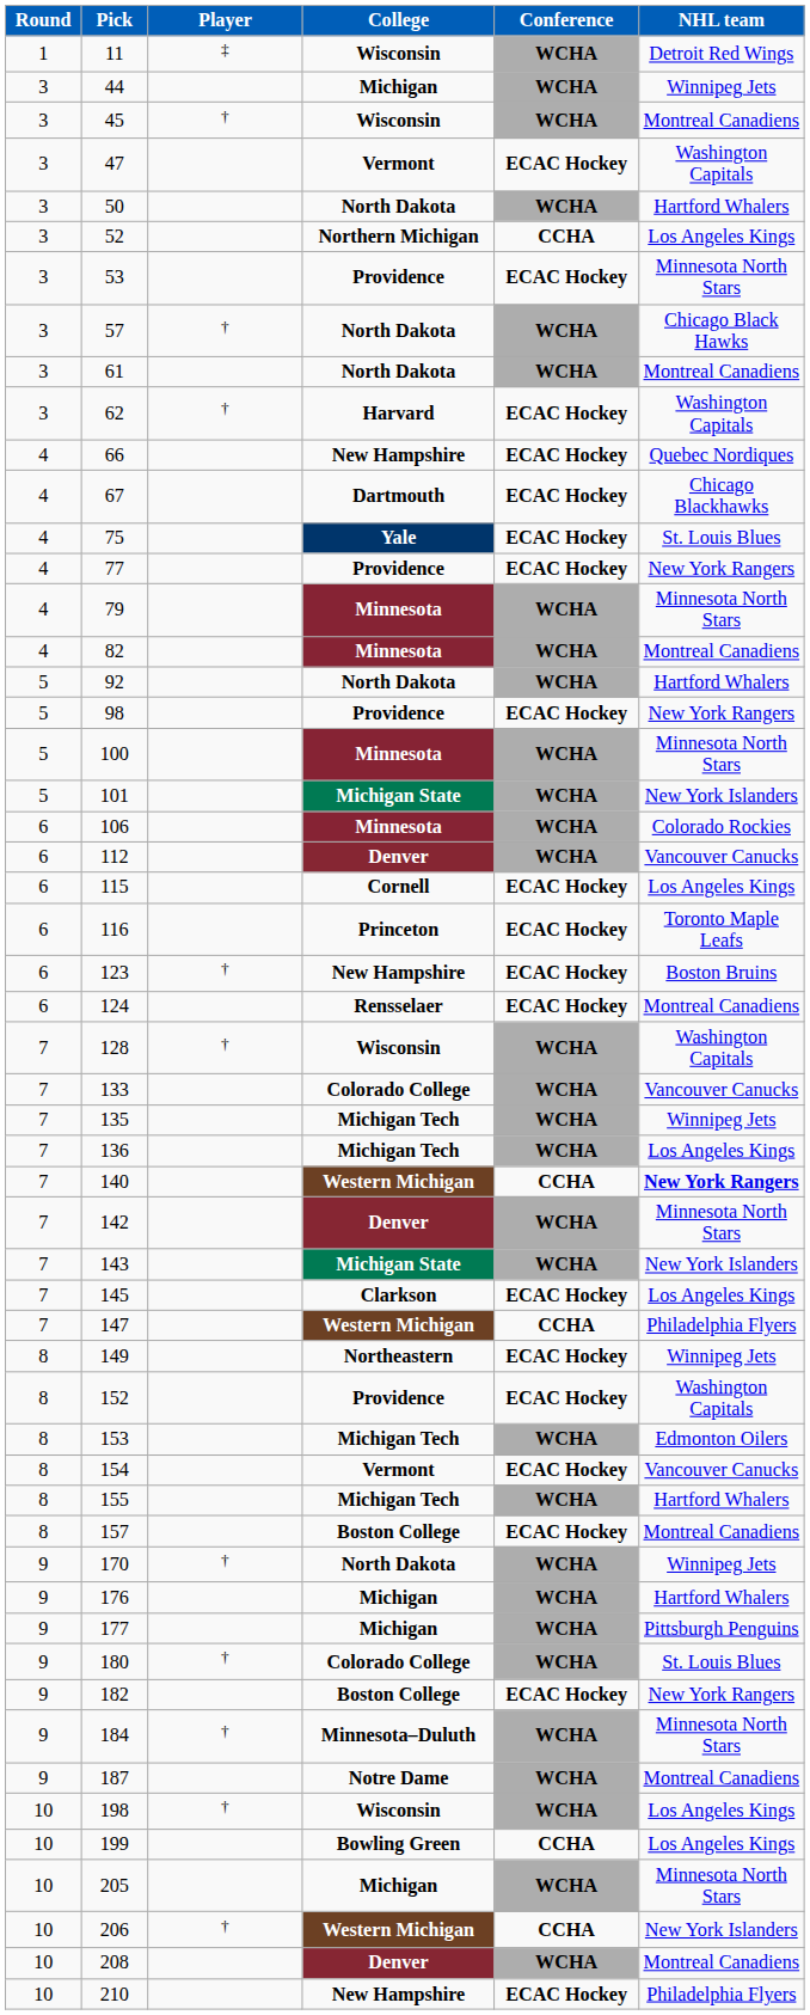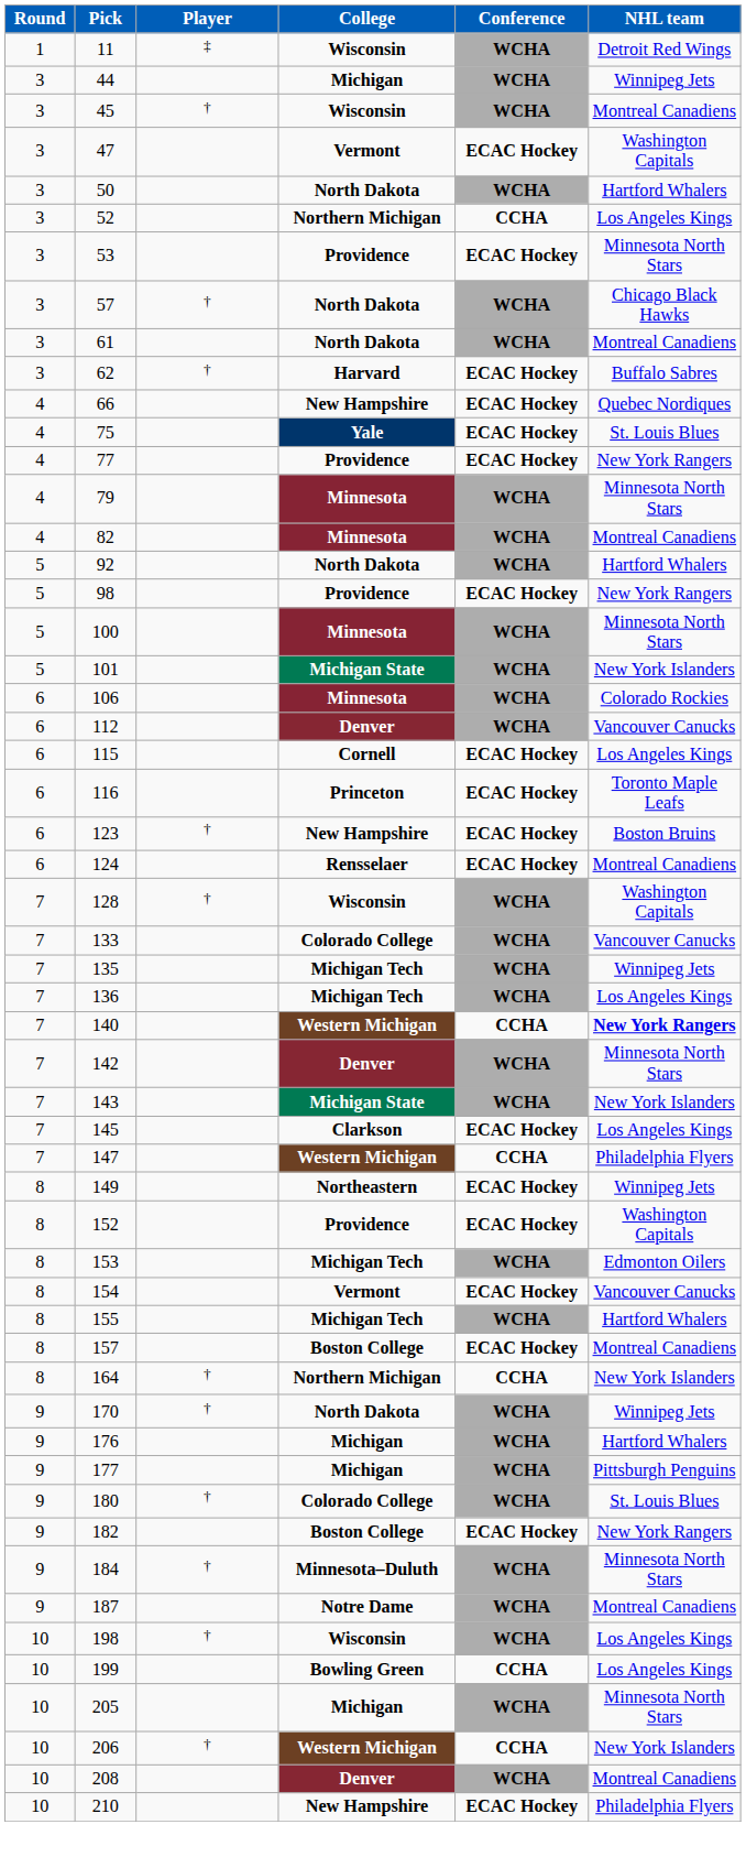 <table class="wikitable sortable" width="75%">
 <tr>
 <th style="color:white; background-color:#005EB8; width: 4em;">Round</th>
 <th style="color:white; background-color:#005EB8; width: 4em;">Pick</th>
 <th style="color:white; background-color:#005EB8; width: 12em;">Player</th>
 <th style="color:white; background-color:#005EB8; width: 13em;">College</th>
 <th style="color:white; background-color:#005EB8; width: 9em;">Conference</th>
 <th style="color:white; background-color:#005EB8; width: 11em;">NHL team</th>
 </tr>
 <tr align="center" bgcolor="">
 <td>1</td>
 <td>11</td>
 <td> <sup>‡</sup></td>
 <td><strong>Wisconsin</strong></td>
 <td style="color:black; background:#ADADAD; "><strong>WCHA</strong></td>
 <td><a href='#'>Detroit Red Wings</a></td>
 </tr>
 <tr align="center" bgcolor="">
 <td>3</td>
 <td>44</td>
 <td></td>
 <td><strong>Michigan</strong></td>
 <td style="color:black; background:#ADADAD; "><strong>WCHA</strong></td>
 <td><a href='#'>Winnipeg Jets</a></td>
 </tr>
 <tr align="center" bgcolor="">
 <td>3</td>
 <td>45</td>
 <td> <sup>†</sup></td>
 <td><strong>Wisconsin</strong></td>
 <td style="color:black; background:#ADADAD; "><strong>WCHA</strong></td>
 <td><a href='#'>Montreal Canadiens</a></td>
 </tr>
 <tr align="center" bgcolor="">
 <td>3</td>
 <td>47</td>
 <td></td>
 <td><strong>Vermont</strong></td>
 <td><strong>ECAC Hockey</strong></td>
 <td><a href='#'>Washington Capitals</a></td>
 </tr>
 <tr align="center" bgcolor="">
 <td>3</td>
 <td>50</td>
 <td></td>
 <td><strong>North Dakota</strong></td>
 <td style="color:black; background:#ADADAD; "><strong>WCHA</strong></td>
 <td><a href='#'>Hartford Whalers</a></td>
 </tr>
 <tr align="center" bgcolor="">
 <td>3</td>
 <td>52</td>
 <td></td>
 <td><strong>Northern Michigan</strong></td>
 <td><strong>CCHA</strong></td>
 <td><a href='#'>Los Angeles Kings</a></td>
 </tr>
 <tr align="center" bgcolor="">
 <td>3</td>
 <td>53</td>
 <td></td>
 <td><strong>Providence</strong></td>
 <td><strong>ECAC Hockey</strong></td>
 <td><a href='#'>Minnesota North Stars</a></td>
 </tr>
 <tr align="center" bgcolor="">
 <td>3</td>
 <td>57</td>
 <td> <sup>†</sup></td>
 <td><strong>North Dakota</strong></td>
 <td style="color:black; background:#ADADAD; "><strong>WCHA</strong></td>
 <td><a href='#'>Chicago Black Hawks</a></td>
 </tr>
 <tr align="center" bgcolor="">
 <td>3</td>
 <td>61</td>
 <td></td>
 <td><strong>North Dakota</strong></td>
 <td style="color:black; background:#ADADAD; "><strong>WCHA</strong></td>
 <td><a href='#'>Montreal Canadiens</a></td>
 </tr>
 <tr align="center" bgcolor="">
 <td>3</td>
 <td>62</td>
 <td> <sup>†</sup></td>
 <td><strong>Harvard</strong></td>
 <td><strong>ECAC Hockey</strong></td>
-<td><a href='#'>Washington Capitals</a></td>
+<td><a href='#'>Buffalo Sabres</a></td>
 </tr>
 <tr align="center" bgcolor="">
 <td>4</td>
 <td>66</td>
 <td></td>
 <td><strong>New Hampshire</strong></td>
 <td><strong>ECAC Hockey</strong></td>
 <td><a href='#'>Quebec Nordiques</a></td>
-</tr>
-<tr align="center" bgcolor="">
-<td>4</td>
-<td>67</td>
-<td></td>
-<td><strong>Dartmouth</strong></td>
-<td><strong>ECAC Hockey</strong></td>
-<td><a href='#'>Chicago Blackhawks</a></td>
 </tr>
 <tr align="center" bgcolor="">
 <td>4</td>
 <td>75</td>
 <td></td>
 <td style="color:white; background:#00356B"><strong>Yale</strong></td>
 <td><strong>ECAC Hockey</strong></td>
 <td><a href='#'>St. Louis Blues</a></td>
 </tr>
 <tr align="center" bgcolor="">
 <td>4</td>
 <td>77</td>
 <td></td>
 <td><strong>Providence</strong></td>
 <td><strong>ECAC Hockey</strong></td>
 <td><a href='#'>New York Rangers</a></td>
 </tr>
 <tr align="center" bgcolor="">
 <td>4</td>
 <td>79</td>
 <td></td>
 <td style="color:white; background:#862334; "><strong>Minnesota</strong></td>
 <td style="color:black; background:#ADADAD; "><strong>WCHA</strong></td>
 <td><a href='#'>Minnesota North Stars</a></td>
 </tr>
 <tr align="center" bgcolor="">
 <td>4</td>
 <td>82</td>
 <td></td>
 <td style="color:white; background:#862334; "><strong>Minnesota</strong></td>
 <td style="color:black; background:#ADADAD; "><strong>WCHA</strong></td>
 <td><a href='#'>Montreal Canadiens</a></td>
 </tr>
 <tr align="center" bgcolor="">
 <td>5</td>
 <td>92</td>
 <td></td>
 <td><strong>North Dakota</strong></td>
 <td style="color:black; background:#ADADAD; "><strong>WCHA</strong></td>
 <td><a href='#'>Hartford Whalers</a></td>
 </tr>
 <tr align="center" bgcolor="">
 <td>5</td>
 <td>98</td>
 <td></td>
 <td><strong>Providence</strong></td>
 <td><strong>ECAC Hockey</strong></td>
 <td><a href='#'>New York Rangers</a></td>
 </tr>
 <tr align="center" bgcolor="">
 <td>5</td>
 <td>100</td>
 <td></td>
 <td style="color:white; background:#862334; "><strong>Minnesota</strong></td>
 <td style="color:black; background:#ADADAD; "><strong>WCHA</strong></td>
 <td><a href='#'>Minnesota North Stars</a></td>
 </tr>
 <tr align="center" bgcolor="">
 <td>5</td>
 <td>101</td>
 <td></td>
 <td style="color:white; background:#007A53"><strong>Michigan State</strong></td>
 <td style="color:black; background:#ADADAD; "><strong>WCHA</strong></td>
 <td><a href='#'>New York Islanders</a></td>
 </tr>
 <tr align="center" bgcolor="">
 <td>6</td>
 <td>106</td>
 <td></td>
 <td style="color:white; background:#862334; "><strong>Minnesota</strong></td>
 <td style="color:black; background:#ADADAD; "><strong>WCHA</strong></td>
 <td><a href='#'>Colorado Rockies</a></td>
 </tr>
 <tr align="center" bgcolor="">
 <td>6</td>
 <td>112</td>
 <td></td>
 <td style="color:white; background:#862633; "><strong>Denver</strong></td>
 <td style="color:black; background:#ADADAD; "><strong>WCHA</strong></td>
 <td><a href='#'>Vancouver Canucks</a></td>
 </tr>
 <tr align="center" bgcolor="">
 <td>6</td>
 <td>115</td>
 <td></td>
 <td><strong>Cornell</strong></td>
 <td><strong>ECAC Hockey</strong></td>
 <td><a href='#'>Los Angeles Kings</a></td>
 </tr>
 <tr align="center" bgcolor="">
 <td>6</td>
 <td>116</td>
 <td></td>
 <td><strong>Princeton</strong></td>
 <td><strong>ECAC Hockey</strong></td>
 <td><a href='#'>Toronto Maple Leafs</a></td>
 </tr>
 <tr align="center" bgcolor="">
 <td>6</td>
 <td>123</td>
 <td> <sup>†</sup></td>
 <td><strong>New Hampshire</strong></td>
 <td><strong>ECAC Hockey</strong></td>
 <td><a href='#'>Boston Bruins</a></td>
 </tr>
 <tr align="center" bgcolor="">
 <td>6</td>
 <td>124</td>
 <td></td>
 <td><strong>Rensselaer</strong></td>
 <td><strong>ECAC Hockey</strong></td>
 <td><a href='#'>Montreal Canadiens</a></td>
 </tr>
 <tr align="center" bgcolor="">
 <td>7</td>
 <td>128</td>
 <td> <sup>†</sup></td>
 <td><strong>Wisconsin</strong></td>
 <td style="color:black; background:#ADADAD; "><strong>WCHA</strong></td>
 <td><a href='#'>Washington Capitals</a></td>
 </tr>
 <tr align="center" bgcolor="">
 <td>7</td>
 <td>133</td>
 <td></td>
 <td><strong>Colorado College</strong></td>
 <td style="color:black; background:#ADADAD; "><strong>WCHA</strong></td>
 <td><a href='#'>Vancouver Canucks</a></td>
 </tr>
 <tr align="center" bgcolor="">
 <td>7</td>
 <td>135</td>
 <td></td>
 <td><strong>Michigan Tech</strong></td>
 <td style="color:black; background:#ADADAD; "><strong>WCHA</strong></td>
 <td><a href='#'>Winnipeg Jets</a></td>
 </tr>
 <tr align="center" bgcolor="">
 <td>7</td>
 <td>136</td>
 <td></td>
 <td><strong>Michigan Tech</strong></td>
 <td style="color:black; background:#ADADAD; "><strong>WCHA</strong></td>
 <td><a href='#'>Los Angeles Kings</a></td>
 </tr>
 <tr align="center" bgcolor="">
 <td>7</td>
 <td>140</td>
 <td></td>
 <td style="color:white; background:#6C4023; "><strong>Western Michigan</strong></td>
 <td><strong>CCHA</strong></td>
 <td><strong><a href='#'>New York Rangers</a></strong></td>
 </tr>
 <tr align="center" bgcolor="">
 <td>7</td>
 <td>142</td>
 <td></td>
 <td style="color:white; background:#862633; "><strong>Denver</strong></td>
 <td style="color:black; background:#ADADAD; "><strong>WCHA</strong></td>
 <td><a href='#'>Minnesota North Stars</a></td>
 </tr>
 <tr align="center" bgcolor="">
 <td>7</td>
 <td>143</td>
 <td></td>
 <td style="color:white; background:#007A53"><strong>Michigan State</strong></td>
 <td style="color:black; background:#ADADAD; "><strong>WCHA</strong></td>
 <td><a href='#'>New York Islanders</a></td>
 </tr>
 <tr align="center" bgcolor="">
 <td>7</td>
 <td>145</td>
 <td></td>
 <td><strong>Clarkson</strong></td>
 <td><strong>ECAC Hockey</strong></td>
 <td><a href='#'>Los Angeles Kings</a></td>
 </tr>
 <tr align="center" bgcolor="">
 <td>7</td>
 <td>147</td>
 <td></td>
 <td style="color:white; background:#6C4023; "><strong>Western Michigan</strong></td>
 <td><strong>CCHA</strong></td>
 <td><a href='#'>Philadelphia Flyers</a></td>
 </tr>
 <tr align="center" bgcolor="">
 <td>8</td>
 <td>149</td>
 <td></td>
 <td><strong>Northeastern</strong></td>
 <td><strong>ECAC Hockey</strong></td>
 <td><a href='#'>Winnipeg Jets</a></td>
 </tr>
 <tr align="center" bgcolor="">
 <td>8</td>
 <td>152</td>
 <td></td>
 <td><strong>Providence</strong></td>
 <td><strong>ECAC Hockey</strong></td>
 <td><a href='#'>Washington Capitals</a></td>
 </tr>
 <tr align="center" bgcolor="">
 <td>8</td>
 <td>153</td>
 <td></td>
 <td><strong>Michigan Tech</strong></td>
 <td style="color:black; background:#ADADAD; "><strong>WCHA</strong></td>
 <td><a href='#'>Edmonton Oilers</a></td>
 </tr>
 <tr align="center" bgcolor="">
 <td>8</td>
 <td>154</td>
 <td></td>
 <td><strong>Vermont</strong></td>
 <td><strong>ECAC Hockey</strong></td>
 <td><a href='#'>Vancouver Canucks</a></td>
 </tr>
 <tr align="center" bgcolor="">
 <td>8</td>
 <td>155</td>
 <td></td>
 <td><strong>Michigan Tech</strong></td>
 <td style="color:black; background:#ADADAD; "><strong>WCHA</strong></td>
 <td><a href='#'>Hartford Whalers</a></td>
 </tr>
 <tr align="center" bgcolor="">
 <td>8</td>
 <td>157</td>
 <td></td>
 <td><strong>Boston College</strong></td>
 <td><strong>ECAC Hockey</strong></td>
 <td><a href='#'>Montreal Canadiens</a></td>
 </tr>
 <tr align="center" bgcolor="">
+<td>8</td>
+<td>164</td>
+<td> <sup>†</sup></td>
+<td><strong>Northern Michigan</strong></td>
+<td><strong>CCHA</strong></td>
+<td><a href='#'>New York Islanders</a></td>
+</tr>
+<tr align="center" bgcolor="">
 <td>9</td>
 <td>170</td>
 <td> <sup>†</sup></td>
 <td><strong>North Dakota</strong></td>
 <td style="color:black; background:#ADADAD; "><strong>WCHA</strong></td>
 <td><a href='#'>Winnipeg Jets</a></td>
 </tr>
 <tr align="center" bgcolor="">
 <td>9</td>
 <td>176</td>
 <td></td>
 <td><strong>Michigan</strong></td>
 <td style="color:black; background:#ADADAD; "><strong>WCHA</strong></td>
 <td><a href='#'>Hartford Whalers</a></td>
 </tr>
 <tr align="center" bgcolor="">
 <td>9</td>
 <td>177</td>
 <td></td>
 <td><strong>Michigan</strong></td>
 <td style="color:black; background:#ADADAD; "><strong>WCHA</strong></td>
 <td><a href='#'>Pittsburgh Penguins</a></td>
 </tr>
 <tr align="center" bgcolor="">
 <td>9</td>
 <td>180</td>
 <td> <sup>†</sup></td>
 <td><strong>Colorado College</strong></td>
 <td style="color:black; background:#ADADAD; "><strong>WCHA</strong></td>
 <td><a href='#'>St. Louis Blues</a></td>
 </tr>
 <tr align="center" bgcolor="">
 <td>9</td>
 <td>182</td>
 <td></td>
 <td><strong>Boston College</strong></td>
 <td><strong>ECAC Hockey</strong></td>
 <td><a href='#'>New York Rangers</a></td>
 </tr>
 <tr align="center" bgcolor="">
 <td>9</td>
 <td>184</td>
 <td> <sup>†</sup></td>
 <td><strong>Minnesota–Duluth</strong></td>
 <td style="color:black; background:#ADADAD; "><strong>WCHA</strong></td>
 <td><a href='#'>Minnesota North Stars</a></td>
 </tr>
 <tr align="center" bgcolor="">
 <td>9</td>
 <td>187</td>
 <td></td>
 <td><strong>Notre Dame</strong></td>
 <td style="color:black; background:#ADADAD; "><strong>WCHA</strong></td>
 <td><a href='#'>Montreal Canadiens</a></td>
 </tr>
 <tr align="center" bgcolor="">
 <td>10</td>
 <td>198</td>
 <td> <sup>†</sup></td>
 <td><strong>Wisconsin</strong></td>
 <td style="color:black; background:#ADADAD; "><strong>WCHA</strong></td>
 <td><a href='#'>Los Angeles Kings</a></td>
 </tr>
 <tr align="center" bgcolor="">
 <td>10</td>
 <td>199</td>
 <td></td>
 <td><strong>Bowling Green</strong></td>
 <td><strong>CCHA</strong></td>
 <td><a href='#'>Los Angeles Kings</a></td>
 </tr>
 <tr align="center" bgcolor="">
 <td>10</td>
 <td>205</td>
 <td></td>
 <td><strong>Michigan</strong></td>
 <td style="color:black; background:#ADADAD; "><strong>WCHA</strong></td>
 <td><a href='#'>Minnesota North Stars</a></td>
 </tr>
 <tr align="center" bgcolor="">
 <td>10</td>
 <td>206</td>
 <td> <sup>†</sup></td>
 <td style="color:white; background:#6C4023; "><strong>Western Michigan</strong></td>
 <td><strong>CCHA</strong></td>
 <td><a href='#'>New York Islanders</a></td>
 </tr>
 <tr align="center" bgcolor="">
 <td>10</td>
 <td>208</td>
 <td></td>
 <td style="color:white; background:#862633; "><strong>Denver</strong></td>
 <td style="color:black; background:#ADADAD; "><strong>WCHA</strong></td>
 <td><a href='#'>Montreal Canadiens</a></td>
 </tr>
 <tr align="center" bgcolor="">
 <td>10</td>
 <td>210</td>
 <td></td>
 <td><strong>New Hampshire</strong></td>
 <td><strong>ECAC Hockey</strong></td>
 <td><a href='#'>Philadelphia Flyers</a></td>
 </tr>
 </table>
